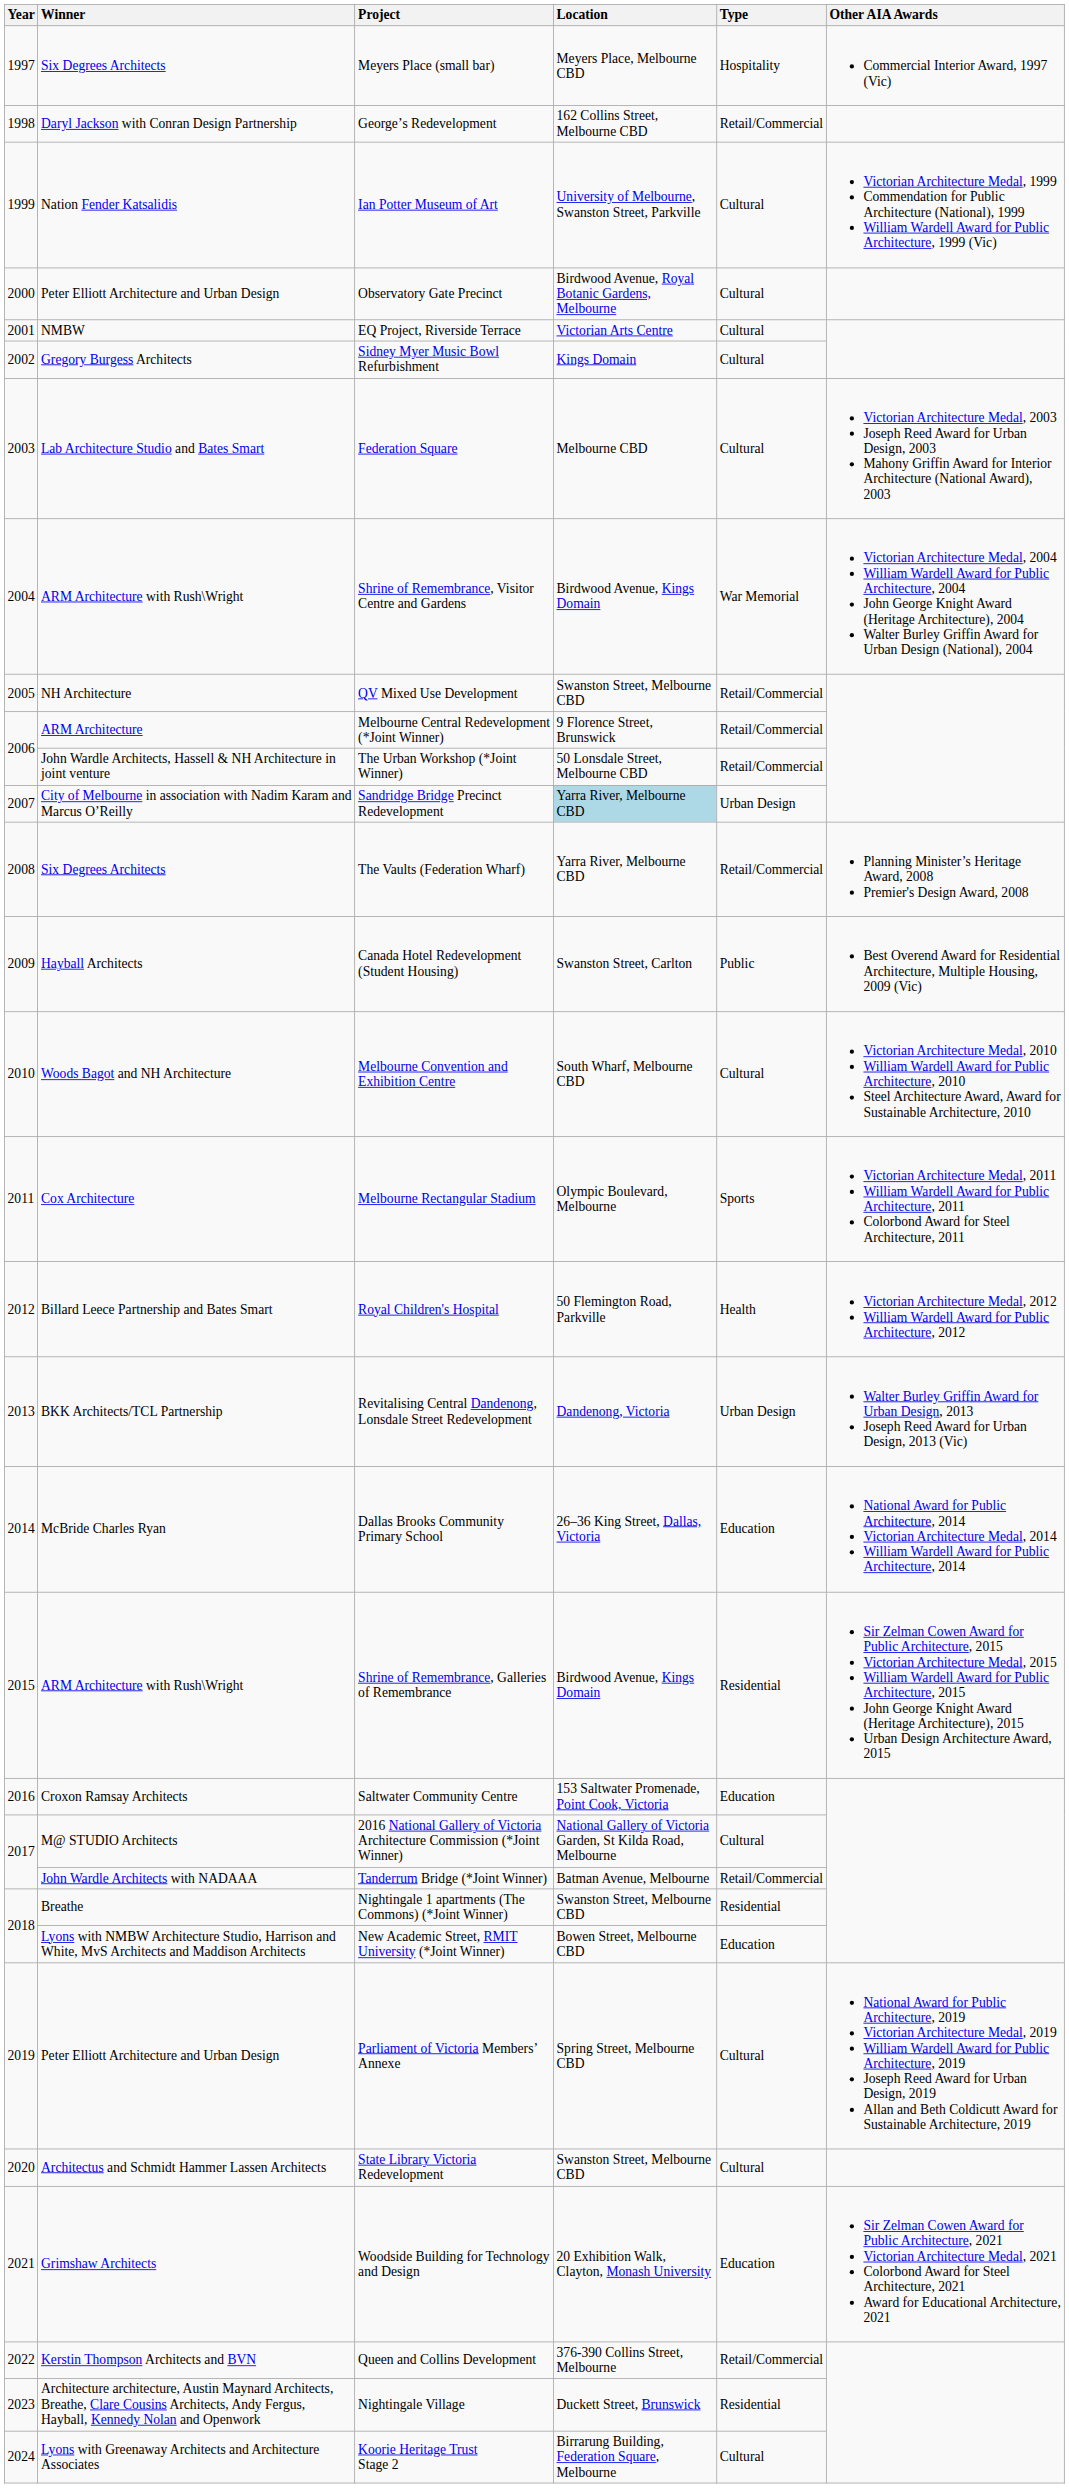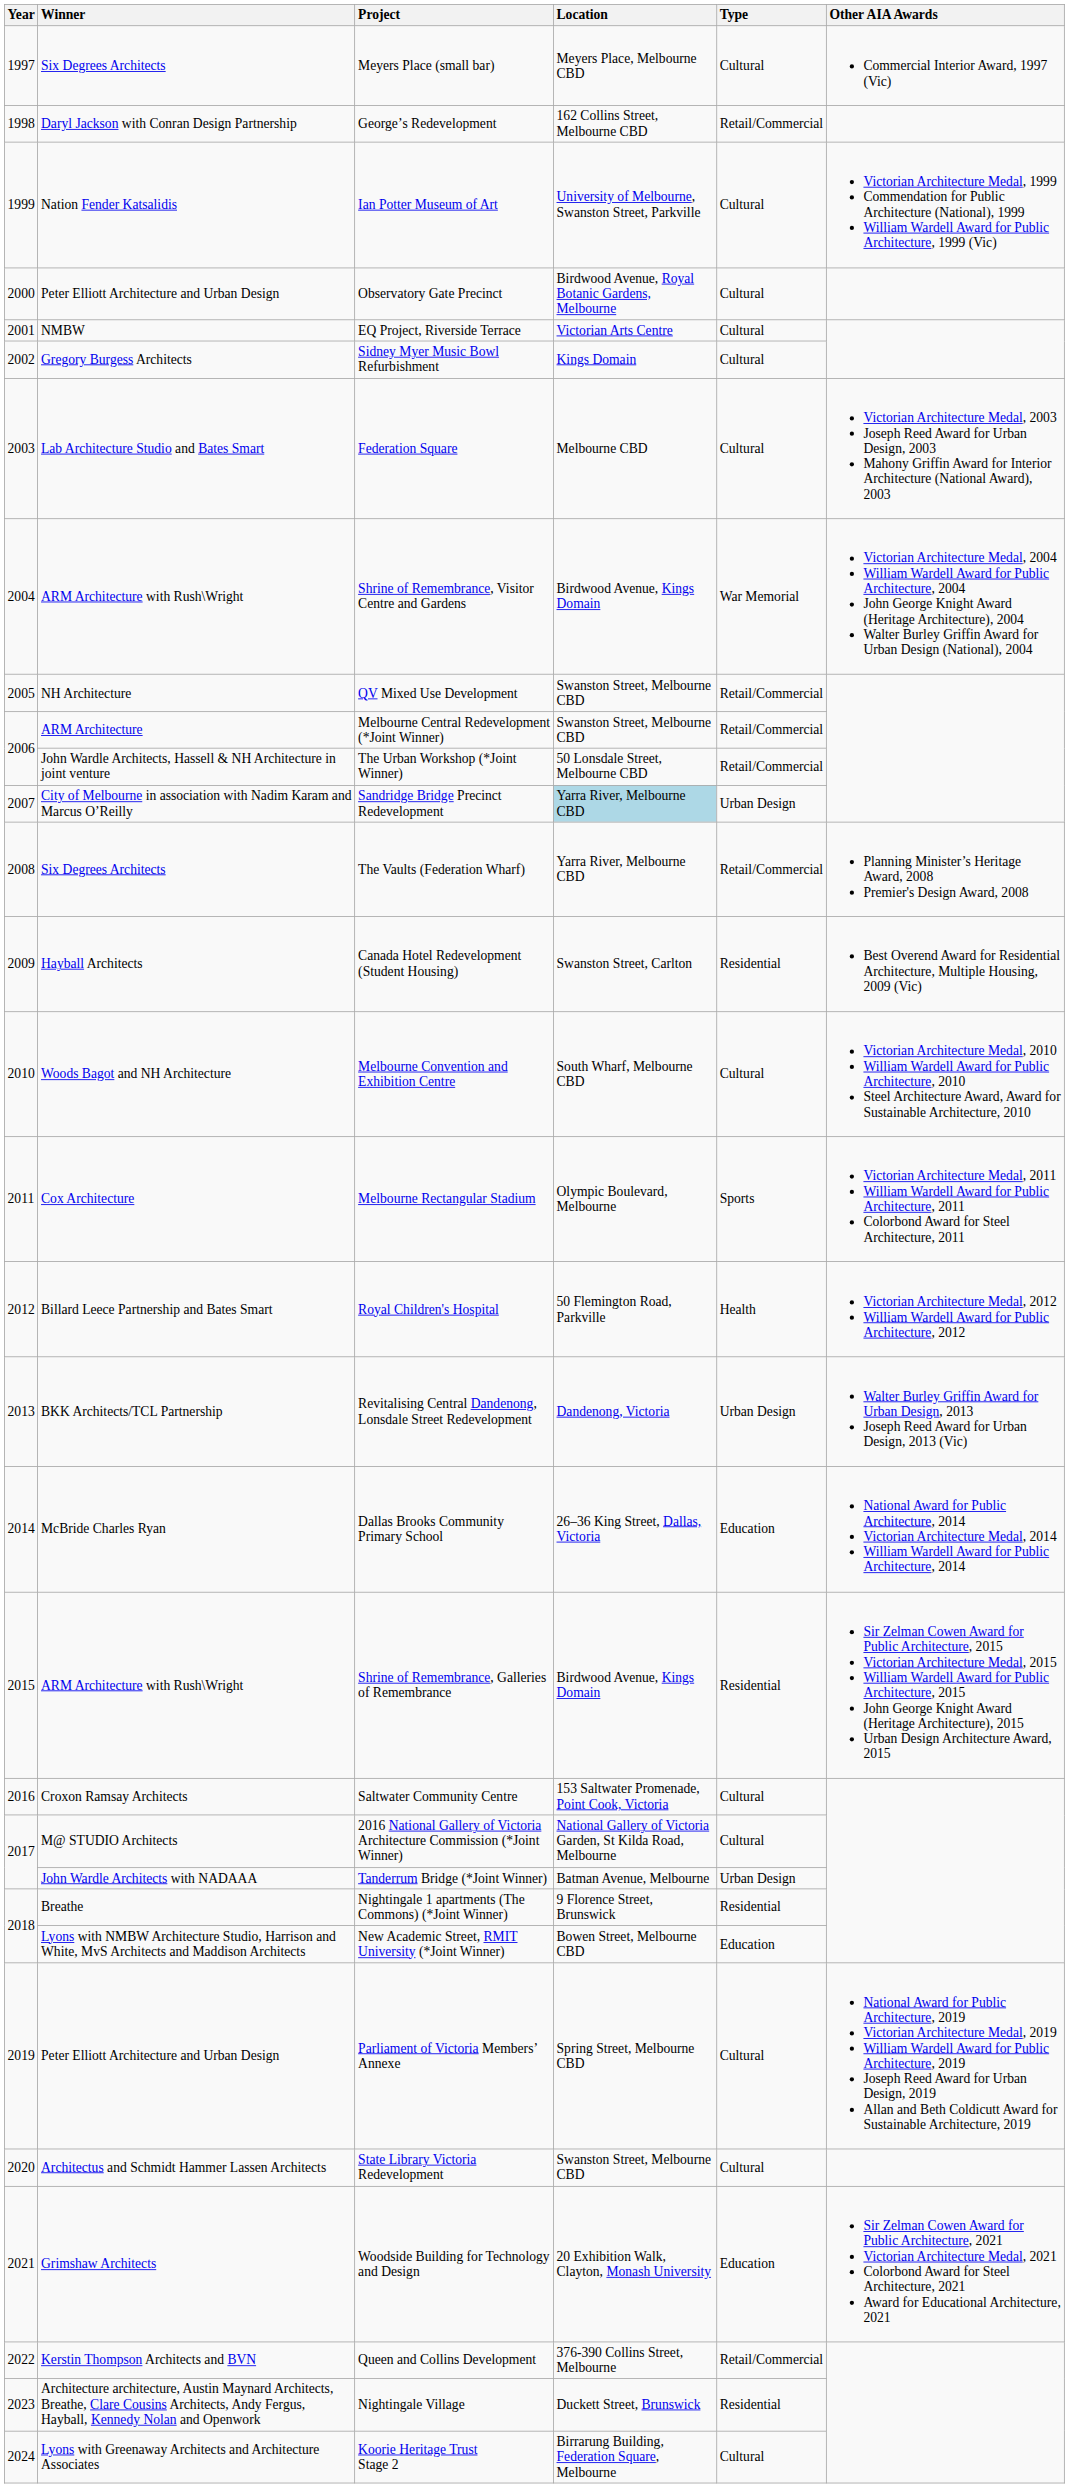 <table class="wikitable sortable">
 <tr>
 <th style="text-align:left;">Year</th>
 <th style="text-align:left;">Winner</th>
 <th style="text-align:left;">Project</th>
 <th style="text-align:left;">Location</th>
 <th style="text-align:left;">Type</th>
 <th style="text-align:left;">Other AIA Awards</th>
 </tr>
 <tr>
 <td>1997</td>
 <td><a href='#'>Six Degrees Architects</a></td>
 <td style="text-align:left;">Meyers Place (small bar)</td>
 <td>Meyers Place, Melbourne CBD</td>
-<td>Hospitality</td>
+<td>Cultural</td>
 <td><br><ul><li>Commercial Interior Award, 1997 (Vic)</li></ul></td>
 </tr>
 <tr>
 <td>1998</td>
 <td><a href='#'>Daryl Jackson</a> with Conran Design Partnership</td>
 <td style="text-align:left;">Georgeʼs Redevelopment</td>
 <td>162 Collins Street, Melbourne CBD</td>
 <td>Retail/Commercial</td>
 <td></td>
 </tr>
 <tr>
 <td>1999</td>
 <td>Nation <a href='#'>Fender Katsalidis</a></td>
 <td style="text-align:left;"><a href='#'>Ian Potter Museum of Art</a></td>
 <td><a href='#'>University of Melbourne</a>, Swanston Street, Parkville</td>
 <td>Cultural</td>
 <td><br><ul><li><a href='#'>Victorian Architecture Medal</a>, 1999</li><li>Commendation for Public Architecture (National), 1999</li><li><a href='#'>William Wardell Award for Public Architecture</a>, 1999 (Vic)</li></ul></td>
 </tr>
 <tr>
 <td>2000</td>
 <td>Peter Elliott Architecture and Urban Design</td>
 <td style="text-align:left;">Observatory Gate Precinct</td>
 <td>Birdwood Avenue, <a href='#'>Royal Botanic Gardens, Melbourne</a></td>
 <td>Cultural</td>
 <td></td>
 </tr>
 <tr>
 <td>2001</td>
 <td>NMBW</td>
 <td style="text-align:left;">EQ Project, Riverside Terrace</td>
 <td><a href='#'>Victorian Arts Centre</a></td>
 <td>Cultural</td>
 </tr>
 <tr>
 <td>2002</td>
 <td><a href='#'>Gregory Burgess</a> Architects</td>
 <td style="text-align:left;"><a href='#'>Sidney Myer Music Bowl</a> Refurbishment</td>
 <td><a href='#'>Kings Domain</a></td>
 <td>Cultural</td>
 </tr>
 <tr>
 <td>2003</td>
 <td><a href='#'>Lab Architecture Studio</a> and <a href='#'>Bates Smart</a></td>
 <td><a href='#'>Federation Square</a></td>
 <td>Melbourne CBD</td>
 <td>Cultural</td>
 <td><br><ul><li><a href='#'>Victorian Architecture Medal</a>, 2003</li><li>Joseph Reed Award for Urban Design, 2003</li><li>Mahony Griffin Award for Interior Architecture (National Award), 2003</li></ul></td>
 </tr>
 <tr>
 <td>2004</td>
 <td><a href='#'>ARM Architecture</a> with Rush\Wright</td>
 <td style="text-align:left;"><a href='#'>Shrine of Remembrance</a>, Visitor Centre and Gardens</td>
 <td>Birdwood Avenue, <a href='#'>Kings Domain</a></td>
 <td>War Memorial</td>
 <td><br><ul><li><a href='#'>Victorian Architecture Medal</a>, 2004</li><li><a href='#'>William Wardell Award for Public Architecture</a>, 2004</li><li>John George Knight Award (Heritage Architecture), 2004</li><li>Walter Burley Griffin Award for Urban Design (National), 2004</li></ul></td>
 </tr>
 <tr>
 <td>2005</td>
 <td>NH Architecture</td>
 <td style="text-align:left;"><a href='#'>QV</a> Mixed Use Development</td>
 <td>Swanston Street, Melbourne CBD</td>
 <td>Retail/Commercial</td>
 </tr>
 <tr>
 <td rowspan="2">2006</td>
 <td><a href='#'>ARM Architecture</a></td>
 <td style="text-align:left;">Melbourne Central Redevelopment (*Joint Winner)</td>
-<td>9 Florence Street, Brunswick</td>
+<td>Swanston Street, Melbourne CBD</td>
 <td>Retail/Commercial</td>
 </tr>
 <tr>
 <td>John Wardle Architects, Hassell & NH Architecture in joint venture</td>
 <td style="text-align:left;">The Urban Workshop (*Joint Winner)</td>
 <td>50 Lonsdale Street, Melbourne CBD</td>
 <td>Retail/Commercial</td>
 </tr>
 <tr>
 <td>2007</td>
 <td><a href='#'>City of Melbourne</a> in association with Nadim Karam and Marcus O’Reilly</td>
 <td style="text-align:left;"><a href='#'>Sandridge Bridge</a> Precinct Redevelopment</td>
 <td style="background: lightblue;">Yarra River, Melbourne CBD</td>
 <td>Urban Design</td>
 </tr>
 <tr>
 <td>2008</td>
 <td><a href='#'>Six Degrees Architects</a></td>
 <td style="text-align:left;">The Vaults (Federation Wharf)</td>
 <td>Yarra River, Melbourne CBD</td>
 <td>Retail/Commercial</td>
 <td><br><ul><li>Planning Minister’s Heritage Award, 2008</li><li>Premier's Design Award, 2008</li></ul></td>
 </tr>
 <tr>
 <td>2009</td>
 <td><a href='#'>Hayball</a> Architects</td>
 <td style="text-align:left;">Canada Hotel Redevelopment  <br> (Student Housing)</td>
 <td>Swanston Street, Carlton</td>
-<td>Public</td>
+<td>Residential</td>
 <td><br><ul><li>Best Overend Award for Residential Architecture, Multiple Housing, 2009 (Vic)</li></ul></td>
 </tr>
 <tr>
 <td>2010</td>
 <td><a href='#'>Woods Bagot</a> and NH Architecture</td>
 <td style="text-align:left;"><a href='#'>Melbourne Convention and Exhibition Centre</a></td>
 <td>South Wharf, Melbourne CBD</td>
 <td>Cultural</td>
 <td><br><ul><li><a href='#'>Victorian Architecture Medal</a>, 2010</li><li><a href='#'>William Wardell Award for Public Architecture</a>, 2010</li><li>Steel Architecture Award, Award for Sustainable Architecture, 2010</li></ul></td>
 </tr>
 <tr>
 <td>2011</td>
 <td><a href='#'>Cox Architecture</a></td>
 <td style="text-align:left;"><a href='#'>Melbourne Rectangular Stadium</a></td>
 <td>Olympic Boulevard, Melbourne</td>
 <td>Sports</td>
 <td><br><ul><li><a href='#'>Victorian Architecture Medal</a>, 2011</li><li><a href='#'>William Wardell Award for Public Architecture</a>, 2011</li><li>Colorbond Award for Steel Architecture, 2011</li></ul></td>
 </tr>
 <tr>
 <td>2012</td>
 <td>Billard Leece Partnership and Bates Smart</td>
 <td style="text-align:left;"><a href='#'>Royal Children's Hospital</a></td>
 <td>50 Flemington Road, Parkville</td>
 <td>Health</td>
 <td><br><ul><li><a href='#'>Victorian Architecture Medal</a>, 2012</li><li><a href='#'>William Wardell Award for Public Architecture</a>, 2012</li></ul></td>
 </tr>
 <tr>
 <td>2013</td>
 <td>BKK Architects/TCL Partnership</td>
 <td style="text-align:left;">Revitalising Central <a href='#'>Dandenong</a>, Lonsdale Street Redevelopment</td>
 <td><a href='#'>Dandenong, Victoria</a></td>
 <td>Urban Design</td>
 <td><br><ul><li><a href='#'>Walter Burley Griffin Award for Urban Design</a>, 2013</li><li>Joseph Reed Award for Urban Design, 2013 (Vic)</li></ul></td>
 </tr>
 <tr>
 <td>2014</td>
 <td>McBride Charles Ryan</td>
 <td style="text-align:left;">Dallas Brooks Community Primary School</td>
 <td>26–36 King Street, <a href='#'>Dallas, Victoria</a></td>
 <td>Education</td>
 <td><br><ul><li><a href='#'>National Award for Public Architecture</a>, 2014</li><li><a href='#'>Victorian Architecture Medal</a>, 2014</li><li><a href='#'>William Wardell Award for Public Architecture</a>, 2014</li></ul></td>
 </tr>
 <tr>
 <td>2015</td>
 <td><a href='#'>ARM Architecture</a> with Rush\Wright</td>
 <td style="text-align:left;"><a href='#'>Shrine of Remembrance</a>, Galleries of Remembrance</td>
 <td>Birdwood Avenue, <a href='#'>Kings Domain</a></td>
 <td>Residential</td>
 <td><br><ul><li><a href='#'>Sir Zelman Cowen Award for Public Architecture</a>, 2015</li><li><a href='#'>Victorian Architecture Medal</a>, 2015</li><li><a href='#'>William Wardell Award for Public Architecture</a>, 2015</li><li>John George Knight Award (Heritage Architecture), 2015</li><li>Urban Design Architecture Award, 2015</li></ul></td>
 </tr>
 <tr>
 <td>2016</td>
 <td>Croxon Ramsay Architects</td>
 <td style="text-align:left;">Saltwater Community Centre</td>
 <td>153 Saltwater Promenade, <a href='#'>Point Cook, Victoria</a></td>
-<td>Education</td>
+<td>Cultural</td>
 </tr>
 <tr>
 <td rowspan="2">2017</td>
 <td>M@ STUDIO Architects</td>
 <td style="text-align:left;">2016 <a href='#'>National Gallery of Victoria</a> Architecture Commission (*Joint Winner)</td>
 <td><a href='#'>National Gallery of Victoria</a> Garden, St Kilda Road, Melbourne</td>
 <td>Cultural</td>
 </tr>
 <tr>
 <td><a href='#'>John Wardle Architects</a> with NADAAA</td>
 <td style="text-align:left;"><a href='#'>Tanderrum</a> Bridge  (*Joint Winner)</td>
 <td>Batman Avenue, Melbourne</td>
-<td>Retail/Commercial</td>
+<td>Urban Design</td>
 </tr>
 <tr>
 <td rowspan="2">2018</td>
 <td>Breathe</td>
 <td style="text-align:left;">Nightingale 1 apartments (The Commons) (*Joint Winner)</td>
-<td>Swanston Street, Melbourne CBD</td>
+<td>9 Florence Street, Brunswick</td>
 <td>Residential</td>
 </tr>
 <tr>
 <td><a href='#'>Lyons</a> with NMBW Architecture Studio, Harrison and White, MvS Architects and Maddison Architects</td>
 <td style="text-align:left;">New Academic Street, <a href='#'>RMIT University</a> (*Joint Winner)</td>
 <td>Bowen Street, Melbourne CBD</td>
 <td>Education</td>
 </tr>
 <tr>
 <td>2019</td>
 <td>Peter Elliott Architecture and Urban Design</td>
 <td style="text-align:left;"><a href='#'>Parliament of Victoria</a> Members’ Annexe</td>
 <td>Spring Street, Melbourne CBD</td>
 <td>Cultural</td>
 <td><br><ul><li><a href='#'>National Award for Public Architecture</a>, 2019</li><li><a href='#'>Victorian Architecture Medal</a>, 2019</li><li><a href='#'>William Wardell Award for Public Architecture</a>, 2019</li><li>Joseph Reed Award for Urban Design, 2019</li><li>Allan and Beth Coldicutt Award for Sustainable Architecture, 2019</li></ul></td>
 </tr>
 <tr>
 <td>2020</td>
 <td><a href='#'>Architectus</a> and Schmidt Hammer Lassen Architects</td>
 <td style="text-align:left;"><a href='#'>State Library Victoria</a> Redevelopment</td>
 <td>Swanston Street, Melbourne CBD</td>
 <td>Cultural</td>
 </tr>
 <tr>
 <td>2021</td>
 <td><a href='#'>Grimshaw Architects</a></td>
 <td style="text-align:left;">Woodside Building for Technology and Design</td>
 <td>20 Exhibition Walk, Clayton, <a href='#'>Monash University</a></td>
 <td>Education</td>
 <td><br><ul><li><a href='#'>Sir Zelman Cowen Award for Public Architecture</a>, 2021</li><li><a href='#'>Victorian Architecture Medal</a>, 2021</li><li>Colorbond Award for Steel Architecture, 2021</li><li>Award for Educational Architecture, 2021</li></ul></td>
 </tr>
 <tr>
 <td>2022</td>
 <td><a href='#'>Kerstin Thompson</a> Architects and <a href='#'>BVN</a></td>
 <td style="text-align:left;">Queen and Collins Development </td>
 <td>376-390 Collins Street, Melbourne</td>
 <td>Retail/Commercial</td>
 </tr>
 <tr>
 <td>2023</td>
 <td>Architecture architecture, Austin Maynard Architects, Breathe, <a href='#'>Clare Cousins</a> Architects, Andy Fergus, Hayball, <a href='#'>Kennedy Nolan</a> and Openwork</td>
 <td style="text-align:left;">Nightingale Village</td>
 <td>Duckett Street, <a href='#'>Brunswick</a></td>
 <td>Residential</td>
 </tr>
 <tr>
 <td>2024</td>
 <td><a href='#'>Lyons</a> with Greenaway Architects and Architecture Associates</td>
 <td style="text-align:left;"><a href='#'>Koorie Heritage Trust</a> <br>Stage 2</td>
 <td>Birrarung Building, <a href='#'>Federation Square</a>, Melbourne</td>
 <td>Cultural</td>
 </tr>
 </table>
